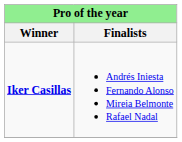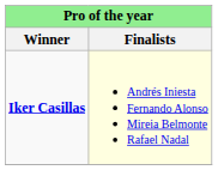 <table class="wikitable">
 <tr>
 <td colspan="2" bgcolor=LightGreen align=center><strong>Pro of the year</strong></td>
 </tr>
 <tr>
 <th>Winner</th>
 <th>Finalists</th>
 </tr>
 <tr>
 <td><strong><a href='#'>Iker Casillas</a></strong></td>
-<td><br><ul><li><small><a href='#'>Andrés Iniesta</a></small></li><li><small><a href='#'>Fernando Alonso</a></small></li><li><small><a href='#'>Mireia Belmonte</a></small></li><li><small><a href='#'>Rafael Nadal</a></small></li></ul></td>
+<td style="background: lightyellow;"><br><ul><li><small><a href='#'>Andrés Iniesta</a></small></li><li><small><a href='#'>Fernando Alonso</a></small></li><li><small><a href='#'>Mireia Belmonte</a></small></li><li><small><a href='#'>Rafael Nadal</a></small></li></ul></td>
 </tr>
 <tr>
 </tr>
 </table>
